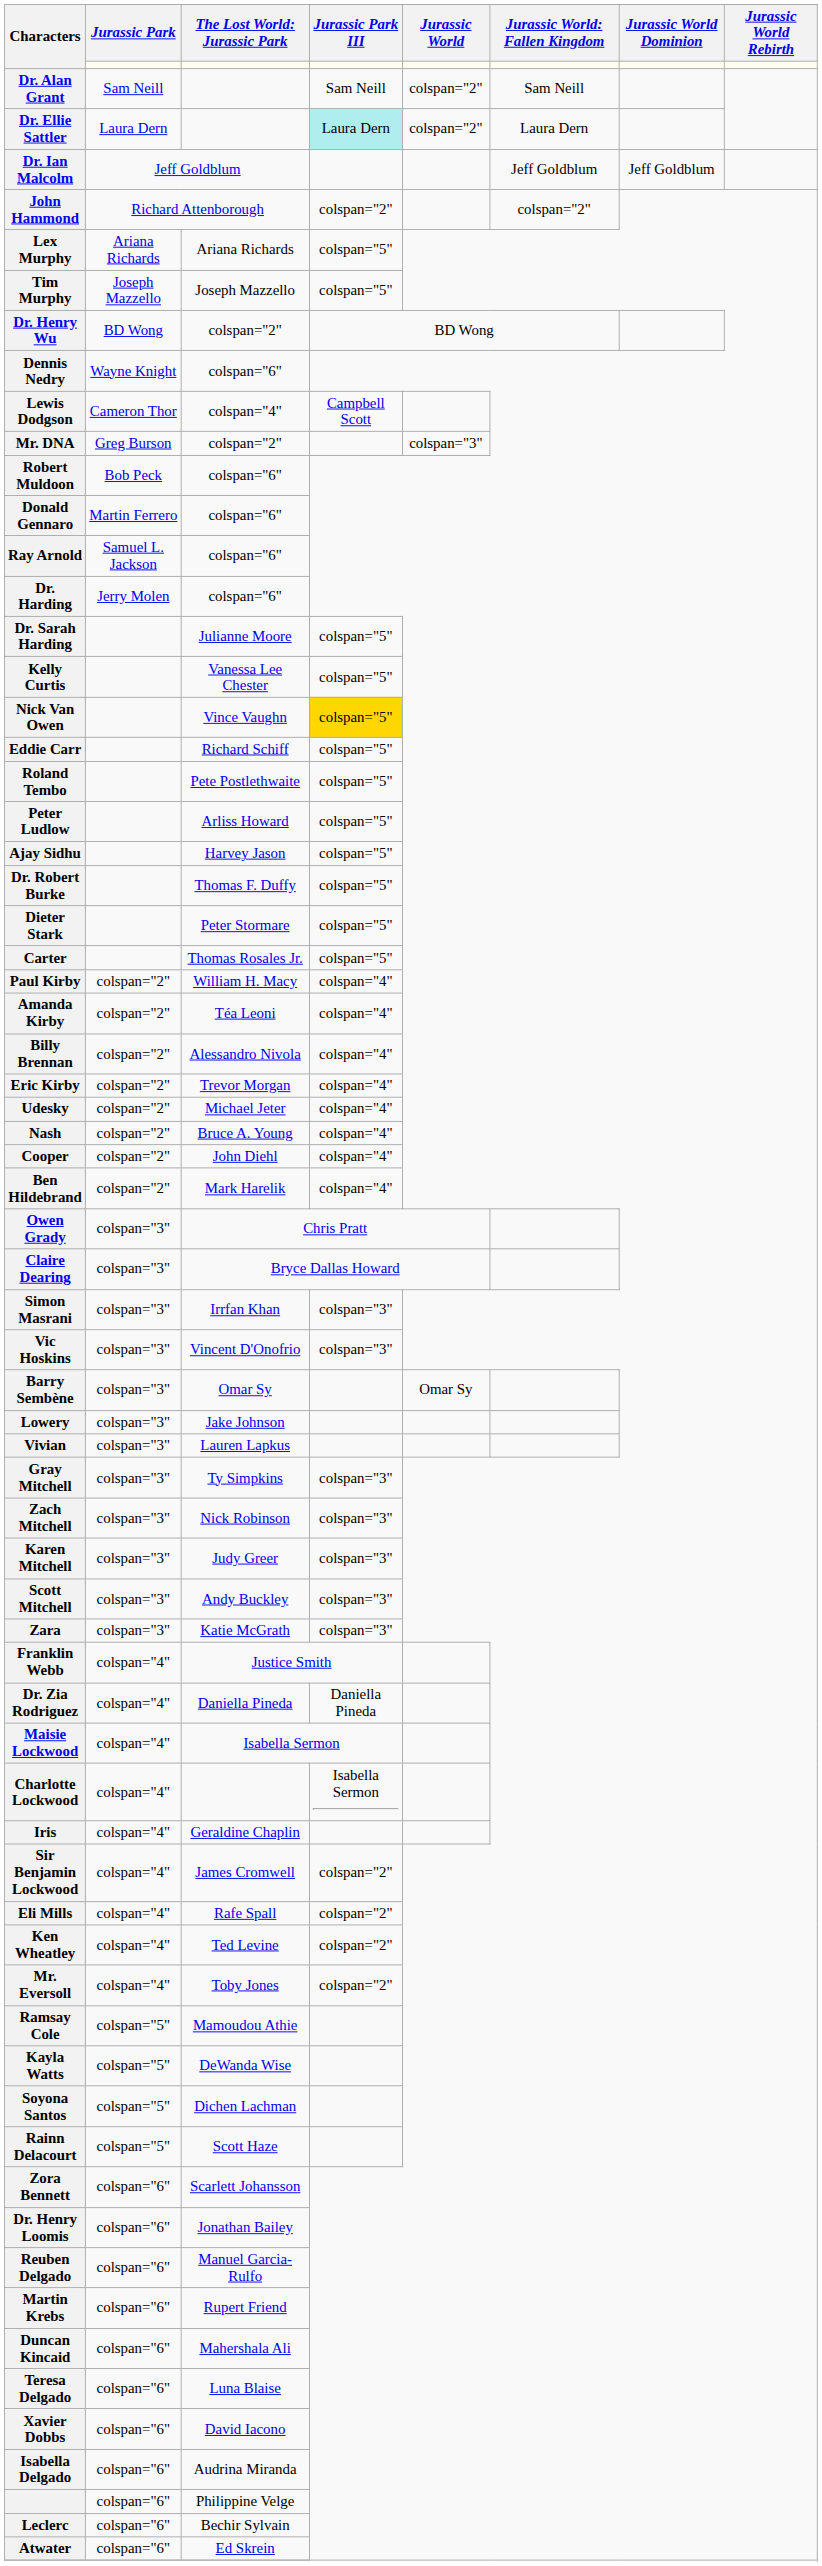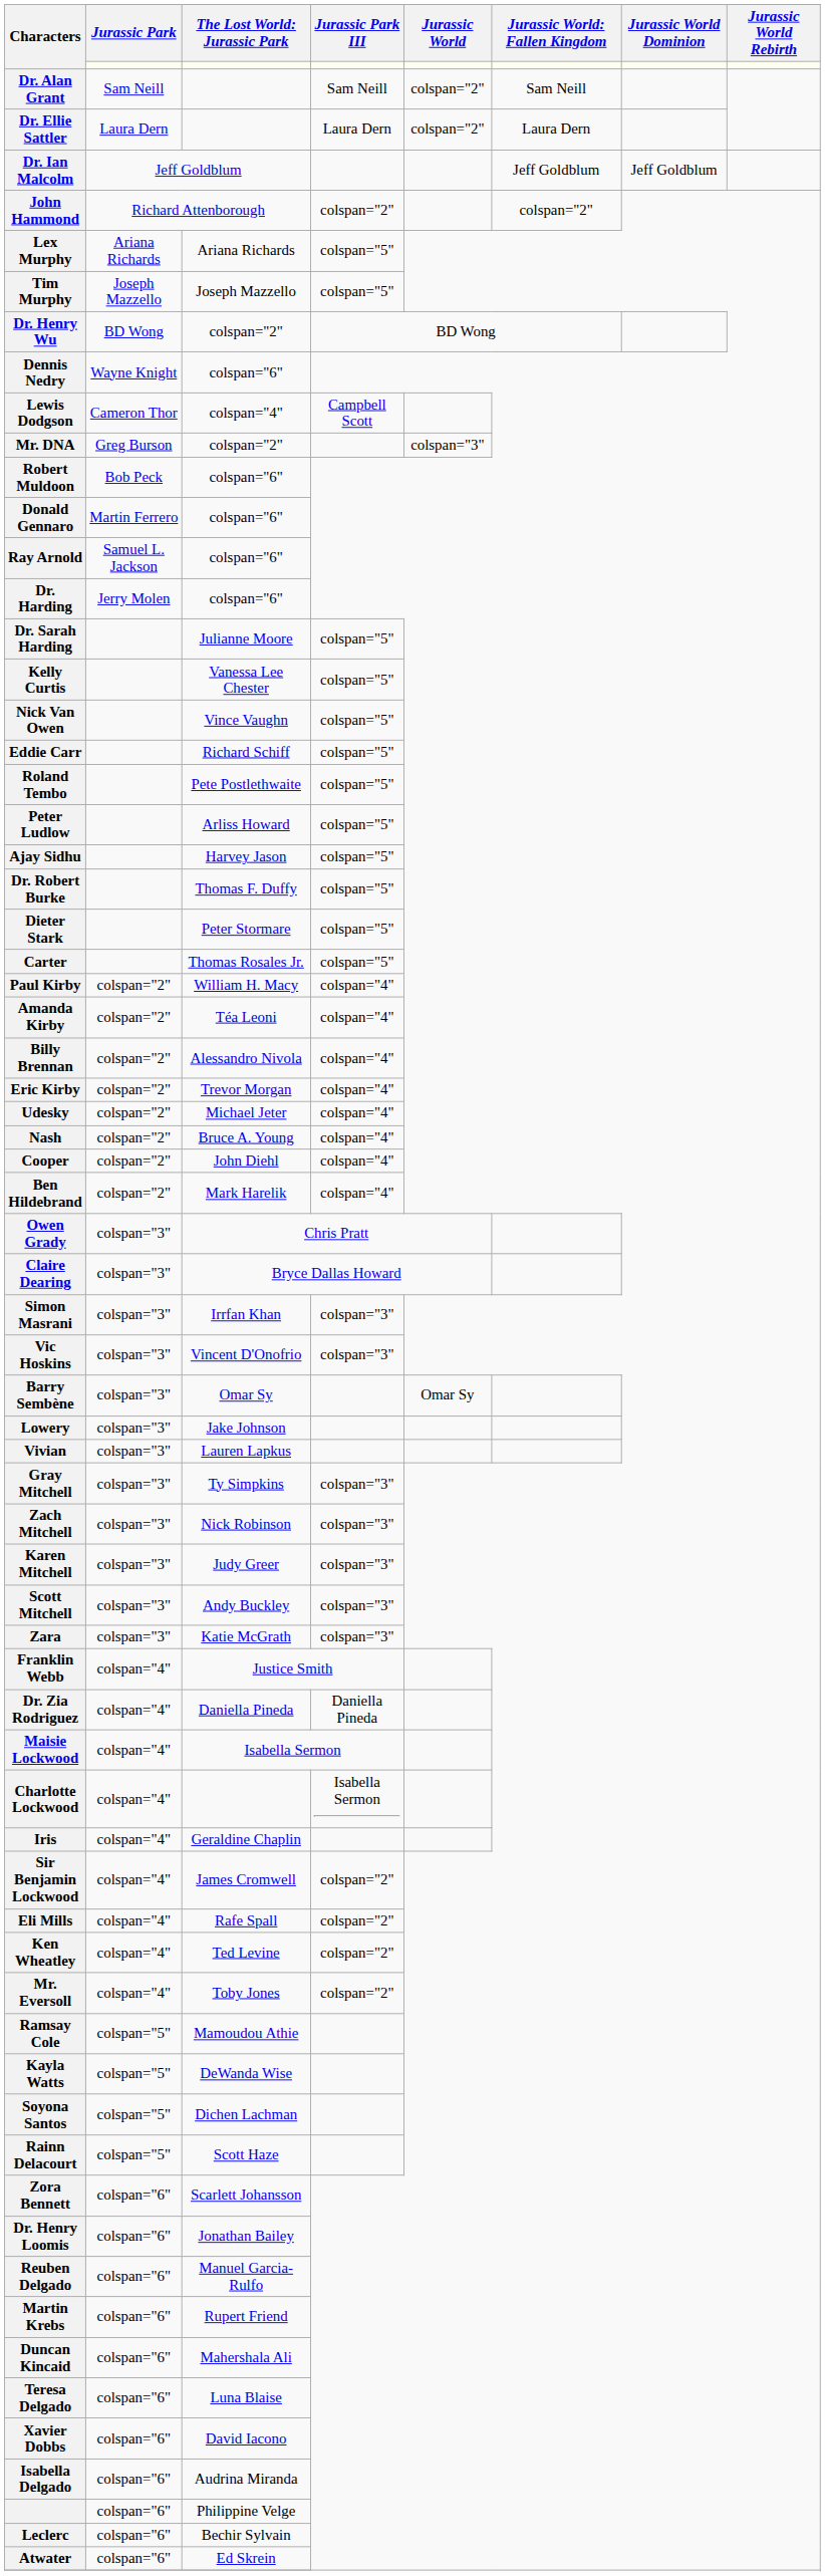 <table class="wikitable" style="text-align:center; width:99%;">
 <tr>
 <th rowspan="3" style="width:10%;">Characters</th>
 </tr>
 <tr>
 <th style="text-align:center" style="width:10%;"><em><a href='#'>Jurassic Park</a></em></th>
 <th style="text-align:center" style="width:10%;"><em><a href='#'>The Lost World: Jurassic Park</a></em></th>
 <th style="text-align:center" style="width:10%;"><em><a href='#'>Jurassic Park III</a></em></th>
 <th style="text-align:center" style="width:10%;"><em><a href='#'>Jurassic World</a></em></th>
 <th style="text-align:center" style="width:10%;"><em><a href='#'>Jurassic World: Fallen Kingdom</a></em></th>
 <th style="text-align:center" style="width:10%;"><em><a href='#'>Jurassic World Dominion</a></em></th>
 <th style="text-align:center" style="width:10%;"><em><a href='#'>Jurassic World Rebirth</a></em></th>
 </tr>
 <tr>
 <th style="background:ivory;"></th>
 <th style="background:ivory;"></th>
 <th style="background:ivory;"></th>
 <th style="background:ivory;"></th>
 <th style="background:ivory;"></th>
 <th style="background:ivory;"></th>
 <th style="background:ivory;"></th>
 </tr>
 <tr>
 <th><a href='#'>Dr. Alan Grant</a></th>
 <td><a href='#'>Sam Neill</a></td>
 <td></td>
 <td>Sam Neill</td>
 <td>colspan="2" </td>
 <td>Sam Neill</td>
 <td></td>
 </tr>
 <tr>
 <th><a href='#'>Dr. Ellie Sattler</a></th>
 <td><a href='#'>Laura Dern</a></td>
 <td></td>
-<td style="background: paleturquoise;">Laura Dern</td>
+<td>Laura Dern</td>
 <td>colspan="2" </td>
 <td>Laura Dern</td>
 <td></td>
 </tr>
 <tr>
 <th><a href='#'>Dr. Ian Malcolm</a></th>
 <td colspan="2"><a href='#'>Jeff Goldblum</a></td>
 <td></td>
 <td></td>
 <td>Jeff Goldblum</td>
 <td>Jeff Goldblum</td>
 <td></td>
 </tr>
 <tr>
 <th><a href='#'>John Hammond</a></th>
 <td colspan="2"><a href='#'>Richard Attenborough</a></td>
 <td>colspan="2" </td>
 <td></td>
 <td>colspan="2" </td>
 </tr>
 <tr>
 <th>Lex Murphy</th>
 <td><a href='#'>Ariana Richards</a></td>
 <td>Ariana Richards</td>
 <td>colspan="5" </td>
 </tr>
 <tr>
 <th>Tim Murphy</th>
 <td><a href='#'>Joseph Mazzello</a></td>
 <td>Joseph Mazzello</td>
 <td>colspan="5" </td>
 </tr>
 <tr>
 <th><a href='#'>Dr. Henry Wu</a></th>
 <td><a href='#'>BD Wong</a></td>
 <td>colspan="2" </td>
 <td colspan="3">BD Wong</td>
 <td></td>
 </tr>
 <tr>
 <th>Dennis Nedry</th>
 <td><a href='#'>Wayne Knight</a></td>
 <td>colspan="6" </td>
 </tr>
 <tr>
 <th>Lewis Dodgson</th>
 <td><a href='#'>Cameron Thor</a></td>
 <td>colspan="4" </td>
 <td><a href='#'>Campbell Scott</a></td>
 <td></td>
 </tr>
 <tr>
 <th>Mr. DNA</th>
 <td><a href='#'>Greg Burson</a></td>
 <td>colspan="2" </td>
 <td></td>
 <td>colspan="3" </td>
 </tr>
 <tr>
 <th>Robert Muldoon</th>
 <td><a href='#'>Bob Peck</a></td>
 <td>colspan="6" </td>
 </tr>
 <tr>
 <th>Donald Gennaro</th>
 <td><a href='#'>Martin Ferrero</a></td>
 <td>colspan="6" </td>
 </tr>
 <tr>
 <th>Ray Arnold</th>
 <td><a href='#'>Samuel L. Jackson</a></td>
 <td>colspan="6" </td>
 </tr>
 <tr>
 <th>Dr. Harding</th>
 <td><a href='#'>Jerry Molen</a></td>
 <td>colspan="6" </td>
 </tr>
 <tr>
 <th>Dr. Sarah Harding</th>
 <td></td>
 <td><a href='#'>Julianne Moore</a></td>
 <td>colspan="5" </td>
 </tr>
 <tr>
 <th>Kelly Curtis</th>
 <td></td>
 <td><a href='#'>Vanessa Lee Chester</a></td>
 <td>colspan="5" </td>
 </tr>
 <tr>
 <th>Nick Van Owen</th>
 <td></td>
 <td><a href='#'>Vince Vaughn</a></td>
-<td style="background: gold;">colspan="5" </td>
+<td>colspan="5" </td>
 </tr>
 <tr>
 <th>Eddie Carr</th>
 <td></td>
 <td><a href='#'>Richard Schiff</a></td>
 <td>colspan="5" </td>
 </tr>
 <tr>
 <th>Roland Tembo</th>
 <td></td>
 <td><a href='#'>Pete Postlethwaite</a></td>
 <td>colspan="5" </td>
 </tr>
 <tr>
 <th>Peter Ludlow</th>
 <td></td>
 <td><a href='#'>Arliss Howard</a></td>
 <td>colspan="5" </td>
 </tr>
 <tr>
 <th>Ajay Sidhu</th>
 <td></td>
 <td><a href='#'>Harvey Jason</a></td>
 <td>colspan="5" </td>
 </tr>
 <tr>
 <th>Dr. Robert Burke</th>
 <td></td>
 <td><a href='#'>Thomas F. Duffy</a></td>
 <td>colspan="5" </td>
 </tr>
 <tr>
 <th>Dieter Stark</th>
 <td></td>
 <td><a href='#'>Peter Stormare</a></td>
 <td>colspan="5" </td>
 </tr>
 <tr>
 <th>Carter</th>
 <td></td>
 <td><a href='#'>Thomas Rosales Jr.</a></td>
 <td>colspan="5" </td>
 </tr>
 <tr>
 <th>Paul Kirby</th>
 <td>colspan="2" </td>
 <td><a href='#'>William H. Macy</a></td>
 <td>colspan="4" </td>
 </tr>
 <tr>
 <th>Amanda Kirby</th>
 <td>colspan="2" </td>
 <td><a href='#'>Téa Leoni</a></td>
 <td>colspan="4" </td>
 </tr>
 <tr>
 <th>Billy Brennan</th>
 <td>colspan="2" </td>
 <td><a href='#'>Alessandro Nivola</a></td>
 <td>colspan="4" </td>
 </tr>
 <tr>
 <th>Eric Kirby</th>
 <td>colspan="2" </td>
 <td><a href='#'>Trevor Morgan</a></td>
 <td>colspan="4" </td>
 </tr>
 <tr>
 <th>Udesky</th>
 <td>colspan="2" </td>
 <td><a href='#'>Michael Jeter</a></td>
 <td>colspan="4" </td>
 </tr>
 <tr>
 <th>Nash</th>
 <td>colspan="2" </td>
 <td><a href='#'>Bruce A. Young</a></td>
 <td>colspan="4" </td>
 </tr>
 <tr>
 <th>Cooper</th>
 <td>colspan="2" </td>
 <td><a href='#'>John Diehl</a></td>
 <td>colspan="4" </td>
 </tr>
 <tr>
 <th>Ben Hildebrand</th>
 <td>colspan="2" </td>
 <td><a href='#'>Mark Harelik</a></td>
 <td>colspan="4" </td>
 </tr>
 <tr>
 <th><a href='#'>Owen Grady</a></th>
 <td>colspan="3" </td>
 <td colspan="3"><a href='#'>Chris Pratt</a></td>
 <td></td>
 </tr>
 <tr>
 <th><a href='#'>Claire Dearing</a></th>
 <td>colspan="3" </td>
 <td colspan="3"><a href='#'>Bryce Dallas Howard</a></td>
 <td></td>
 </tr>
 <tr>
 <th>Simon Masrani</th>
 <td>colspan="3" </td>
 <td><a href='#'>Irrfan Khan</a></td>
 <td>colspan="3" </td>
 </tr>
 <tr>
 <th>Vic Hoskins</th>
 <td>colspan="3" </td>
 <td><a href='#'>Vincent D'Onofrio</a></td>
 <td>colspan="3" </td>
 </tr>
 <tr>
 <th>Barry Sembène</th>
 <td>colspan="3" </td>
 <td><a href='#'>Omar Sy</a></td>
 <td></td>
 <td>Omar Sy</td>
 <td></td>
 </tr>
 <tr>
 <th>Lowery</th>
 <td>colspan="3" </td>
 <td><a href='#'>Jake Johnson</a></td>
 <td></td>
 <td></td>
 <td></td>
 </tr>
 <tr>
 <th>Vivian</th>
 <td>colspan="3" </td>
 <td><a href='#'>Lauren Lapkus</a></td>
 <td></td>
 <td></td>
 <td></td>
 </tr>
 <tr>
 <th>Gray Mitchell</th>
 <td>colspan="3" </td>
 <td><a href='#'>Ty Simpkins</a></td>
 <td>colspan="3" </td>
 </tr>
 <tr>
 <th>Zach Mitchell</th>
 <td>colspan="3" </td>
 <td><a href='#'>Nick Robinson</a></td>
 <td>colspan="3" </td>
 </tr>
 <tr>
 <th>Karen Mitchell</th>
 <td>colspan="3" </td>
 <td><a href='#'>Judy Greer</a></td>
 <td>colspan="3" </td>
 </tr>
 <tr>
 <th>Scott Mitchell</th>
 <td>colspan="3" </td>
 <td><a href='#'>Andy Buckley</a></td>
 <td>colspan="3" </td>
 </tr>
 <tr>
 <th>Zara</th>
 <td>colspan="3" </td>
 <td><a href='#'>Katie McGrath</a></td>
 <td>colspan="3" </td>
 </tr>
 <tr>
 <th>Franklin Webb</th>
 <td>colspan="4" </td>
 <td colspan="2"><a href='#'>Justice Smith</a></td>
 <td></td>
 </tr>
 <tr>
 <th>Dr. Zia Rodriguez</th>
 <td>colspan="4" </td>
 <td><a href='#'>Daniella Pineda</a></td>
 <td>Daniella Pineda</td>
 <td></td>
 </tr>
 <tr>
 <th><a href='#'>Maisie Lockwood</a></th>
 <td>colspan="4" </td>
 <td colspan="2"><a href='#'>Isabella Sermon</a></td>
 <td></td>
 </tr>
 <tr>
 <th>Charlotte Lockwood</th>
 <td>colspan="4" </td>
 <td></td>
 <td>Isabella Sermon<hr></td>
 <td></td>
 </tr>
 <tr>
 <th>Iris</th>
 <td>colspan="4" </td>
 <td><a href='#'>Geraldine Chaplin</a></td>
 <td></td>
 <td></td>
 </tr>
 <tr>
 <th>Sir Benjamin Lockwood</th>
 <td>colspan="4" </td>
 <td><a href='#'>James Cromwell</a></td>
 <td>colspan="2" </td>
 </tr>
 <tr>
 <th>Eli Mills</th>
 <td>colspan="4" </td>
 <td><a href='#'>Rafe Spall</a></td>
 <td>colspan="2" </td>
 </tr>
 <tr>
 <th>Ken Wheatley</th>
 <td>colspan="4" </td>
 <td><a href='#'>Ted Levine</a></td>
 <td>colspan="2" </td>
 </tr>
 <tr>
 <th>Mr. Eversoll</th>
 <td>colspan="4" </td>
 <td><a href='#'>Toby Jones</a></td>
 <td>colspan="2" </td>
 </tr>
 <tr>
 <th>Ramsay Cole</th>
 <td>colspan="5" </td>
 <td><a href='#'>Mamoudou Athie</a></td>
 <td></td>
 </tr>
 <tr>
 <th>Kayla Watts</th>
 <td>colspan="5" </td>
 <td><a href='#'>DeWanda Wise</a></td>
 <td></td>
 </tr>
 <tr>
 <th>Soyona Santos</th>
 <td>colspan="5" </td>
 <td><a href='#'>Dichen Lachman</a></td>
 <td></td>
 </tr>
 <tr>
 <th>Rainn Delacourt</th>
 <td>colspan="5" </td>
 <td><a href='#'>Scott Haze</a></td>
 <td></td>
 </tr>
 <tr>
 <th>Zora Bennett</th>
 <td>colspan="6" </td>
 <td><a href='#'>Scarlett Johansson</a></td>
 </tr>
 <tr>
 <th>Dr. Henry Loomis</th>
 <td>colspan="6" </td>
 <td><a href='#'>Jonathan Bailey</a></td>
 </tr>
 <tr>
 <th>Reuben Delgado</th>
 <td>colspan="6" </td>
 <td><a href='#'>Manuel Garcia-Rulfo</a></td>
 </tr>
 <tr>
 <th>Martin Krebs</th>
 <td>colspan="6" </td>
 <td><a href='#'>Rupert Friend</a></td>
 </tr>
 <tr>
 <th>Duncan Kincaid</th>
 <td>colspan="6" </td>
 <td><a href='#'>Mahershala Ali</a></td>
 </tr>
 <tr>
 <th>Teresa Delgado</th>
 <td>colspan="6" </td>
 <td><a href='#'>Luna Blaise</a></td>
 </tr>
 <tr>
 <th>Xavier Dobbs</th>
 <td>colspan="6" </td>
 <td><a href='#'>David Iacono</a></td>
 </tr>
 <tr>
 <th>Isabella Delgado</th>
 <td>colspan="6" </td>
 <td>Audrina Miranda</td>
 </tr>
 <tr>
 <th></th>
 <td>colspan="6" </td>
 <td>Philippine Velge</td>
 </tr>
 <tr>
 <th>Leclerc</th>
 <td>colspan="6" </td>
 <td>Bechir Sylvain</td>
 </tr>
 <tr>
 <th>Atwater</th>
 <td>colspan="6" </td>
 <td><a href='#'>Ed Skrein</a></td>
 </tr>
 <tr>
 </tr>
 </table>
